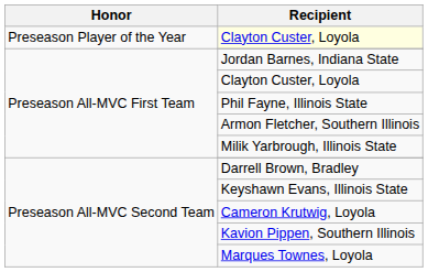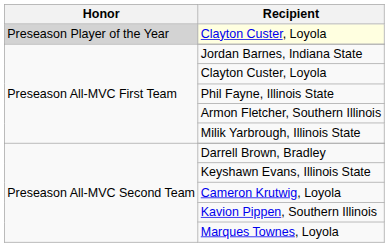 <table class="wikitable" border="1">
 <tr>
 <th>Honor</th>
 <th>Recipient</th>
 </tr>
 <tr>
-<td>Preseason Player of the Year</td>
+<td style="background: lightgrey;">Preseason Player of the Year</td>
 <td style="background: lightyellow;"><a href='#'>Clayton Custer</a>, Loyola</td>
 </tr>
 <tr>
 <td rowspan="6" valign="middle">Preseason All-MVC First Team</td>
 </tr>
 <tr>
 <td>Jordan Barnes, Indiana State</td>
 </tr>
 <tr>
 <td>Clayton Custer, Loyola</td>
 </tr>
 <tr>
 <td>Phil Fayne, Illinois State</td>
 </tr>
 <tr>
 <td>Armon Fletcher, Southern Illinois</td>
 </tr>
 <tr>
 <td>Milik Yarbrough, Illinois State</td>
 </tr>
 <tr>
 <td rowspan="6" valign="middle">Preseason All-MVC Second Team</td>
 </tr>
 <tr>
 <td>Darrell Brown, Bradley</td>
 </tr>
 <tr>
 <td>Keyshawn Evans, Illinois State</td>
 </tr>
 <tr>
 <td><a href='#'>Cameron Krutwig</a>, Loyola</td>
 </tr>
 <tr>
 <td><a href='#'>Kavion Pippen</a>, Southern Illinois</td>
 </tr>
 <tr>
 <td><a href='#'>Marques Townes</a>, Loyola</td>
 </tr>
 </table>
